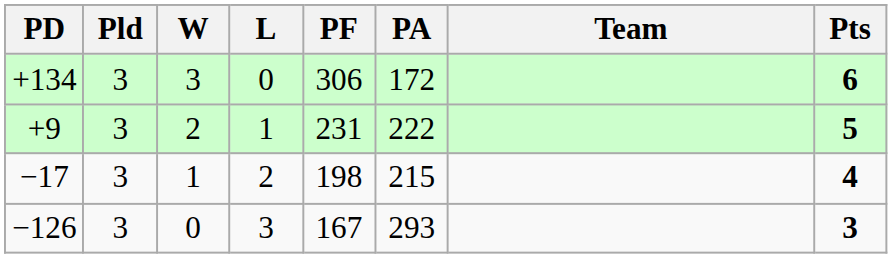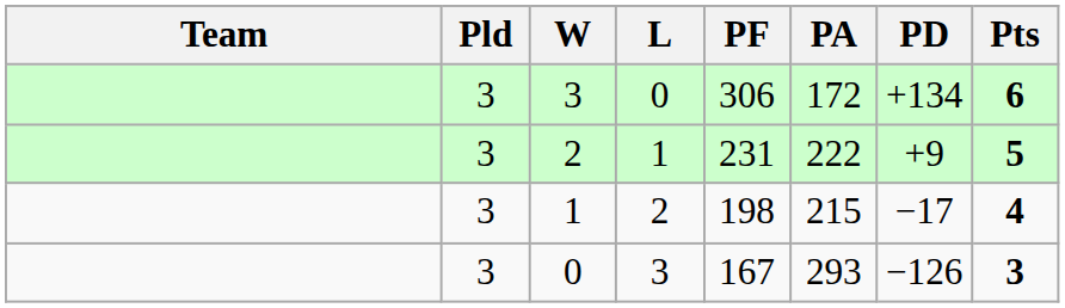 <table class=wikitable style="text-align:center">
 <tr>
-<th width=30>PD</th>
+<th width=180>Team</th>
 <th width=30>Pld</th>
 <th width=30>W</th>
 <th width=30>L</th>
 <th width=30>PF</th>
 <th width=30>PA</th>
-<th width=180>Team</th>
+<th width=30>PD</th>
 <th width=30>Pts</th>
 </tr>
 <tr bgcolor="#ccffcc">
-<td>+134</td>
+<td align="left"></td>
 <td>3</td>
 <td>3</td>
 <td>0</td>
 <td>306</td>
 <td>172</td>
-<td align="left"></td>
+<td>+134</td>
 <td><strong>6</strong></td>
 </tr>
 <tr bgcolor="#ccffcc">
-<td>+9</td>
+<td align="left"></td>
 <td>3</td>
 <td>2</td>
 <td>1</td>
 <td>231</td>
 <td>222</td>
-<td align="left"></td>
+<td>+9</td>
 <td><strong>5</strong></td>
 </tr>
 <tr>
-<td>−17</td>
+<td align="left"></td>
 <td>3</td>
 <td>1</td>
 <td>2</td>
 <td>198</td>
 <td>215</td>
-<td align="left"></td>
+<td>−17</td>
 <td><strong>4</strong></td>
 </tr>
 <tr>
-<td>−126</td>
+<td align="left"></td>
 <td>3</td>
 <td>0</td>
 <td>3</td>
 <td>167</td>
 <td>293</td>
-<td align="left"></td>
+<td>−126</td>
 <td><strong>3</strong></td>
 </tr>
 </table>
